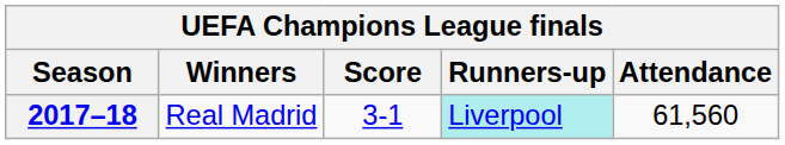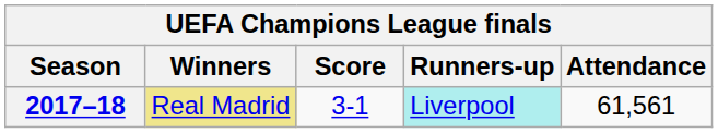 <table class="wikitable" style="text-align:center">
 <tr>
 <th colspan="7">UEFA Champions League finals</th>
 </tr>
 <tr>
 <th width="80">Season</th>
 <th scope="col">Winners</th>
 <th width="60">Score</th>
 <th scope="col">Runners-up</th>
 <th scope="col">Attendance</th>
 </tr>
 <tr>
 <th scope="row"><a href='#'>2017–18</a></th>
-<td align=right><a href='#'>Real Madrid</a> </td>
+<td align=right style="background: khaki;"><a href='#'>Real Madrid</a> </td>
 <td><a href='#'>3-1</a></td>
 <td align=left style="background: paleturquoise;"> <a href='#'>Liverpool</a></td>
-<td>61,560</td>
+<td>61,561</td>
 </tr>
 </table>
